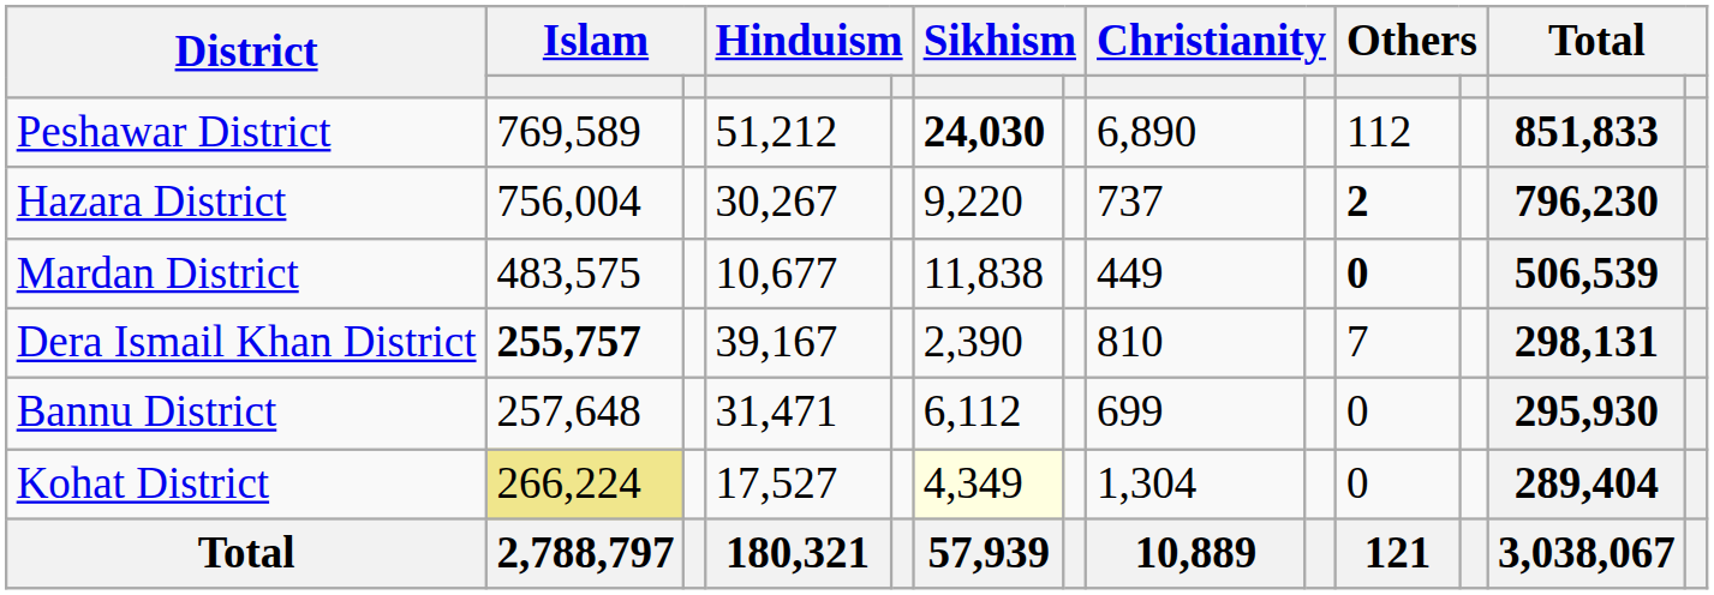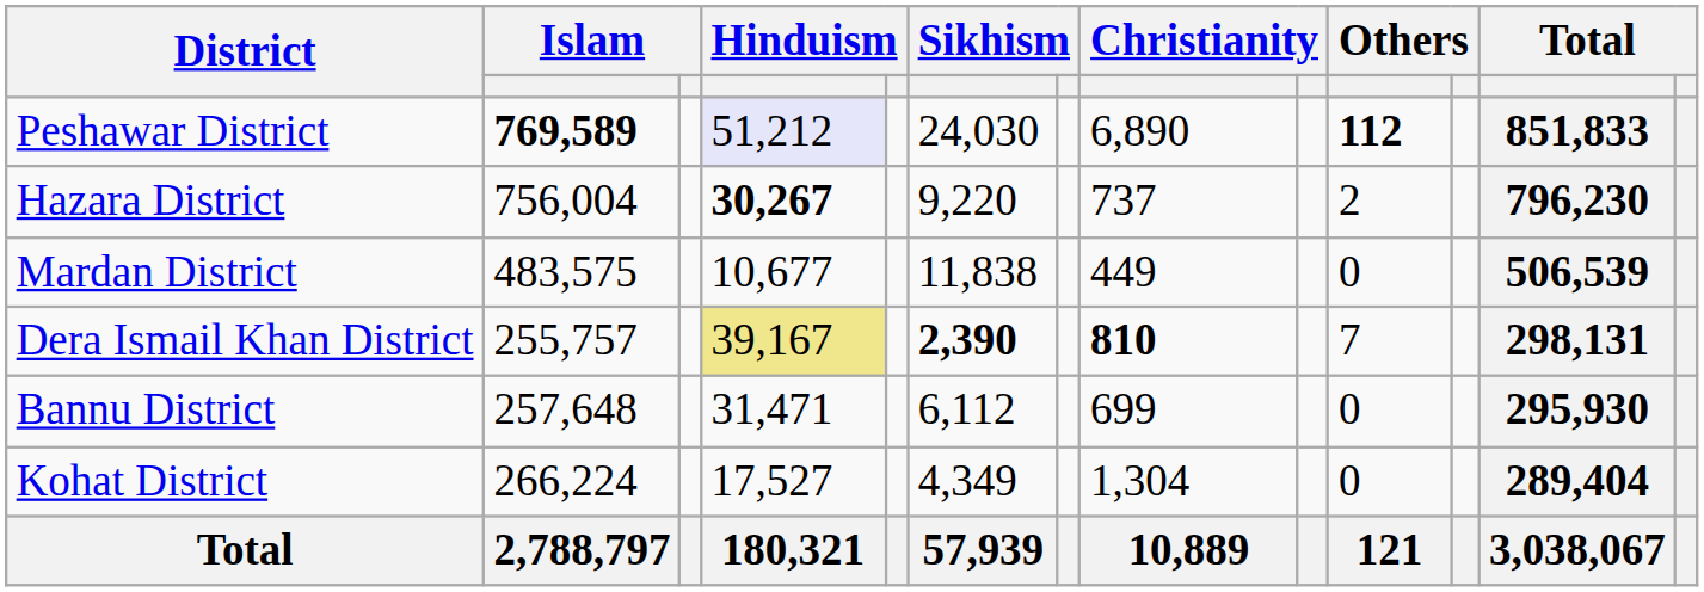 <table class="wikitable sortable">
 <tr>
 <th rowspan="2"><a href='#'>District</a></th>
 <th colspan="2"><a href='#'>Islam</a> </th>
 <th colspan="2"><a href='#'>Hinduism</a> </th>
 <th colspan="2"><a href='#'>Sikhism</a> </th>
 <th colspan="2"><a href='#'>Christianity</a> </th>
 <th colspan="2">Others</th>
 <th colspan="2">Total</th>
 </tr>
 <tr>
 <th><a href='#'></a></th>
 <th></th>
 <th></th>
 <th></th>
 <th></th>
 <th></th>
 <th></th>
 <th></th>
 <th></th>
 <th></th>
 <th></th>
 <th></th>
 </tr>
 <tr>
 <td><a href='#'>Peshawar District</a></td>
-<td>769,589</td>
+<td><strong>769,589</strong></td>
 <td></td>
-<td>51,212</td>
+<td style="background: lavender;">51,212</td>
 <td></td>
-<td><strong>24,030</strong></td>
+<td>24,030</td>
 <td></td>
 <td>6,890</td>
 <td></td>
-<td>112</td>
+<td><strong>112</strong></td>
 <td></td>
 <th>851,833</th>
 <th></th>
 </tr>
 <tr>
 <td><a href='#'>Hazara District</a></td>
 <td>756,004</td>
 <td></td>
-<td>30,267</td>
+<td><strong>30,267</strong></td>
 <td></td>
 <td>9,220</td>
 <td></td>
 <td>737</td>
 <td></td>
-<td><strong>2</strong></td>
+<td>2</td>
 <td></td>
 <th>796,230</th>
 <th></th>
 </tr>
 <tr>
 <td><a href='#'>Mardan District</a></td>
 <td>483,575</td>
 <td></td>
 <td>10,677</td>
 <td></td>
 <td>11,838</td>
 <td></td>
 <td>449</td>
 <td></td>
-<td><strong>0</strong></td>
+<td>0</td>
 <td></td>
 <th>506,539</th>
 <th></th>
 </tr>
 <tr>
 <td><a href='#'>Dera Ismail Khan District</a></td>
-<td><strong>255,757</strong></td>
+<td>255,757</td>
 <td></td>
-<td>39,167</td>
+<td style="background: khaki;">39,167</td>
 <td></td>
-<td>2,390</td>
+<td><strong>2,390</strong></td>
 <td></td>
-<td>810</td>
+<td><strong>810</strong></td>
 <td></td>
 <td>7</td>
 <td></td>
 <th>298,131</th>
 <th></th>
 </tr>
 <tr>
 <td><a href='#'>Bannu District</a></td>
 <td>257,648</td>
 <td></td>
 <td>31,471</td>
 <td></td>
 <td>6,112</td>
 <td></td>
 <td>699</td>
 <td></td>
 <td>0</td>
 <td></td>
 <th>295,930</th>
 <th></th>
 </tr>
 <tr>
 <td><a href='#'>Kohat District</a></td>
-<td style="background: khaki;">266,224</td>
+<td>266,224</td>
 <td></td>
 <td>17,527</td>
 <td></td>
-<td style="background: lightyellow;">4,349</td>
+<td>4,349</td>
 <td></td>
 <td>1,304</td>
 <td></td>
 <td>0</td>
 <td></td>
 <th>289,404</th>
 <th></th>
 </tr>
 <tr>
 <th>Total</th>
 <th>2,788,797</th>
 <th></th>
 <th>180,321</th>
 <th></th>
 <th>57,939</th>
 <th></th>
 <th>10,889</th>
 <th></th>
 <th>121</th>
 <th></th>
 <th>3,038,067</th>
 <th></th>
 </tr>
 </table>
